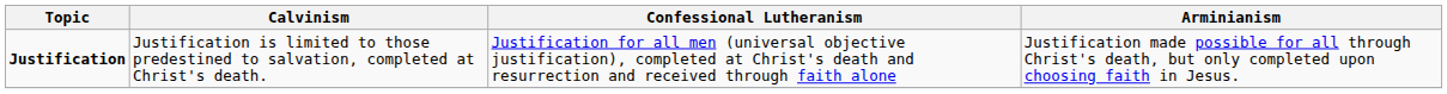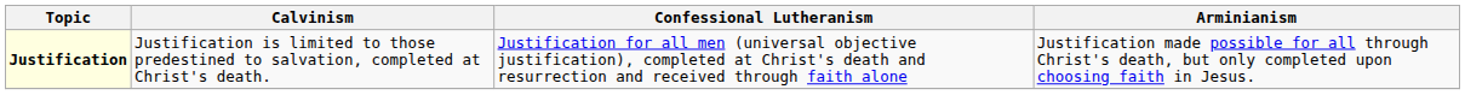 <table class="wikitable">
 <tr>
 <th><strong>Topic</strong></th>
 <th><strong>Calvinism</strong></th>
 <th><strong>Confessional Lutheranism</strong></th>
 <th><strong>Arminianism</strong></th>
 </tr>
 <tr>
-<td><strong>Justification</strong></td>
+<td style="background: lightyellow;"><strong>Justification</strong></td>
 <td>Justification is limited to those predestined to salvation, completed at Christ's death.</td>
 <td><a href='#'>Justification for all men</a> (universal objective justification), completed at Christ's death and resurrection and received through <a href='#'>faith alone</a></td>
 <td>Justification made <a href='#'>possible for all</a> through Christ's death, but only completed upon <a href='#'>choosing faith</a> in Jesus.</td>
 </tr>
 <tr>
 </tr>
 </table>
